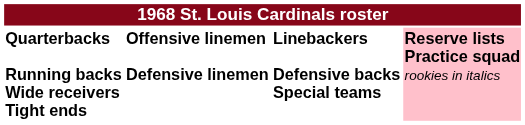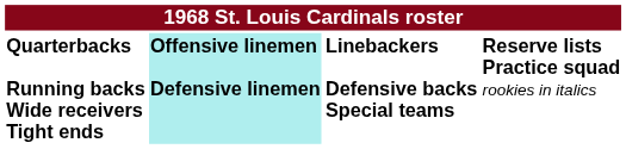 <table class="toccolours" style="text-align: left;">
 <tr>
 <th colspan="9" style="background-color: #870619; color: white; text-align: center;"><strong>1968 St. Louis Cardinals roster</strong></th>
 </tr>
 <tr>
 <td style="font-size: 95%;" valign="top"><strong>Quarterbacks</strong><br> <br><strong>Running backs</strong>     <br><strong>Wide receivers</strong>     <br><strong>Tight ends</strong>  </td>
-<td style="font-size: 95%;" valign="top"><strong>Offensive linemen</strong><br>        <br><strong>Defensive linemen</strong>      </td>
+<td style="background: paleturquoise; font-size: 95%;" valign="top"><strong>Offensive linemen</strong><br>        <br><strong>Defensive linemen</strong>      </td>
 <td style="font-size: 95%;" valign="top"><strong>Linebackers</strong><br>     <br><strong>Defensive backs</strong>        <br><strong>Special teams</strong>  </td>
-<td style="background: pink; font-size: 95%;" valign="top"><strong>Reserve lists</strong><br><strong>Practice squad</strong><br><small><em>rookies in italics</em></small><br></td>
+<td style="font-size: 95%;" valign="top"><strong>Reserve lists</strong><br><strong>Practice squad</strong><br><small><em>rookies in italics</em></small><br></td>
 </tr>
 <tr>
 </tr>
 </table>
